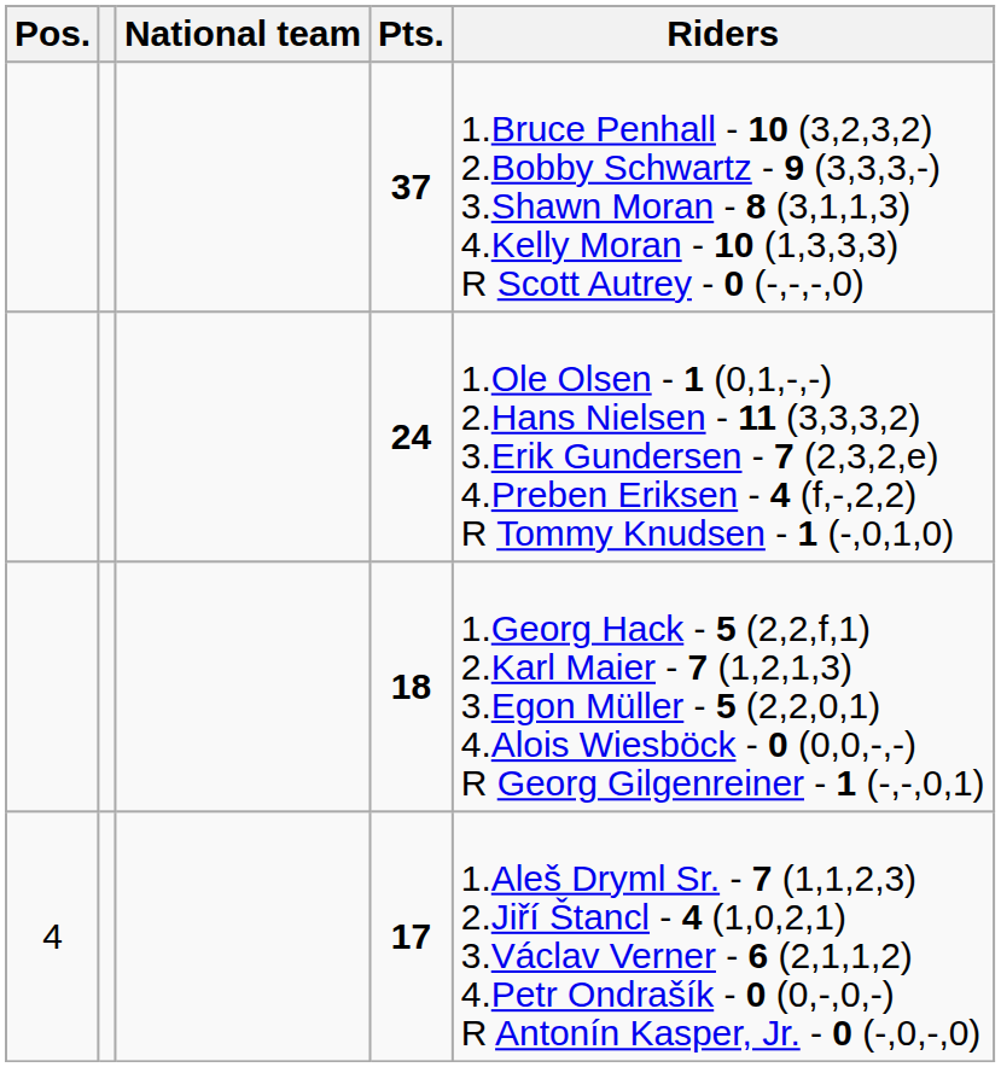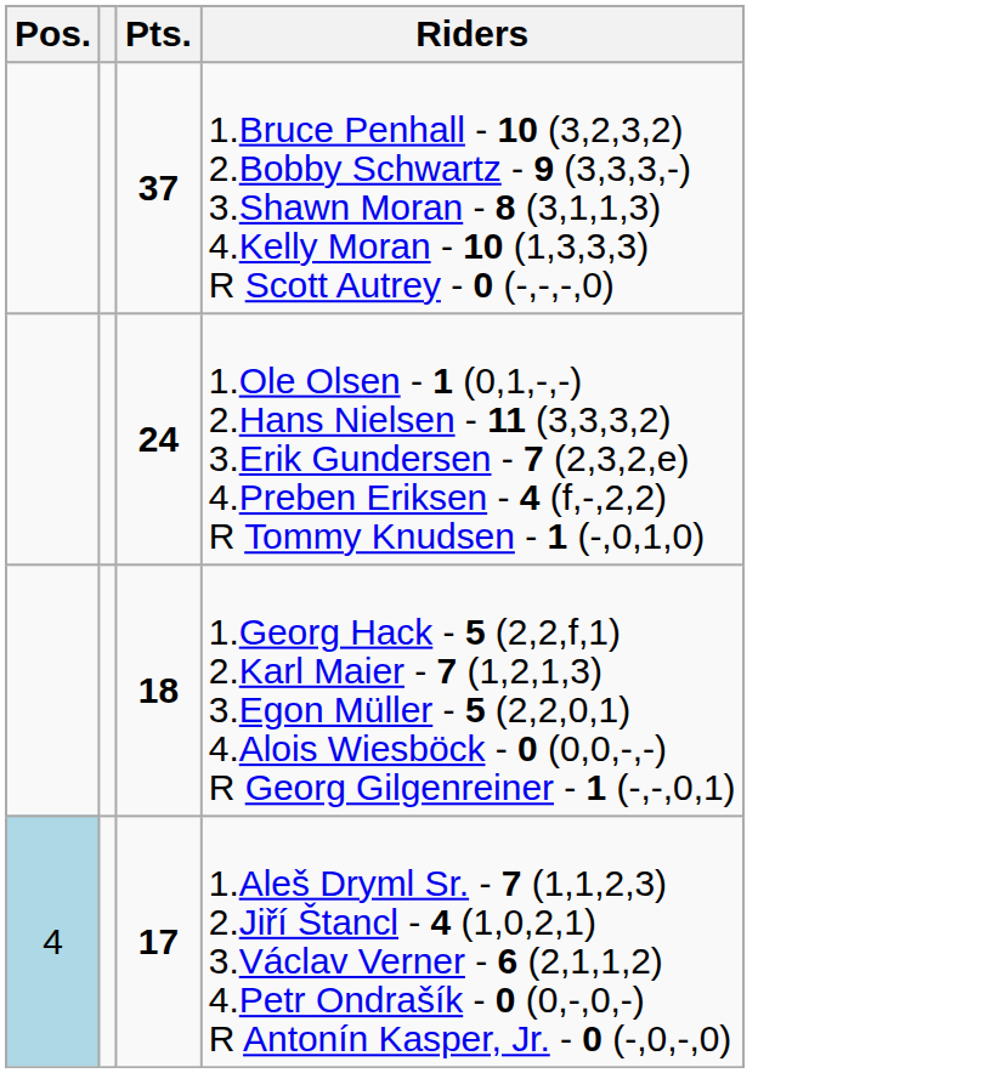 <table class=wikitable style="font-size:93%;">
 <tr>
 <th>Pos.</th>
 <th></th>
-<th>National team</th>
 <th>Pts.</th>
 <th>Riders</th>
 </tr>
 <tr align=center >
 <td></td>
 <td></td>
-<td align=left></td>
 <td><strong>37</strong></td>
 <td align=left><br>1.<a href='#'>Bruce Penhall</a> - <strong>10</strong> (3,2,3,2) <br> 2.<a href='#'>Bobby Schwartz</a> - <strong>9</strong> (3,3,3,-) <br> 3.<a href='#'>Shawn Moran</a> - <strong>8</strong> (3,1,1,3) <br> 4.<a href='#'>Kelly Moran</a> - <strong>10</strong> (1,3,3,3) <br> R <a href='#'>Scott Autrey</a> - <strong>0</strong> (-,-,-,0) <br></td>
 </tr>
 <tr align=center >
 <td></td>
 <td></td>
-<td align=left></td>
 <td><strong>24</strong></td>
 <td align=left><br>1.<a href='#'>Ole Olsen</a> - <strong>1</strong> (0,1,-,-) <br> 2.<a href='#'>Hans Nielsen</a> - <strong>11</strong> (3,3,3,2) <br> 3.<a href='#'>Erik Gundersen</a> - <strong>7</strong> (2,3,2,e) <br> 4.<a href='#'>Preben Eriksen</a> - <strong>4</strong> (f,-,2,2) <br> R <a href='#'>Tommy Knudsen</a> - <strong>1</strong> (-,0,1,0) <br></td>
 </tr>
 <tr align=center >
 <td></td>
 <td></td>
-<td align=left></td>
 <td><strong>18</strong></td>
 <td align=left><br>1.<a href='#'>Georg Hack</a> - <strong>5</strong> (2,2,f,1) <br> 2.<a href='#'>Karl Maier</a> - <strong>7</strong> (1,2,1,3) <br> 3.<a href='#'>Egon Müller</a> - <strong>5</strong> (2,2,0,1) <br> 4.<a href='#'>Alois Wiesböck</a> - <strong>0</strong> (0,0,-,-) <br> R <a href='#'>Georg Gilgenreiner</a> - <strong>1</strong> (-,-,0,1) <br></td>
 </tr>
 <tr align=center>
-<td>4</td>
+<td style="background: lightblue;">4</td>
 <td></td>
-<td align=left></td>
 <td><strong>17</strong></td>
 <td align=left><br>1.<a href='#'>Aleš Dryml Sr.</a> - <strong>7</strong> (1,1,2,3) <br> 2.<a href='#'>Jiří Štancl</a> - <strong>4</strong> (1,0,2,1) <br> 3.<a href='#'>Václav Verner</a> - <strong>6</strong> (2,1,1,2) <br> 4.<a href='#'>Petr Ondrašík</a> - <strong>0</strong> (0,-,0,-) <br> R <a href='#'>Antonín Kasper, Jr.</a> - <strong>0</strong> (-,0,-,0) <br></td>
 </tr>
 </table>
